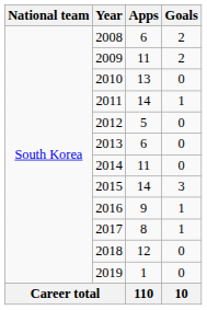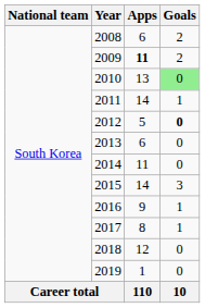 <table class="wikitable" style="text-align:center">
 <tr>
 <th>National team</th>
 <th>Year</th>
 <th>Apps</th>
 <th>Goals</th>
 </tr>
 <tr>
 <td rowspan="12"><a href='#'>South Korea</a></td>
 <td>2008</td>
 <td>6</td>
 <td>2</td>
 </tr>
 <tr>
 <td>2009</td>
-<td>11</td>
+<td><strong>11</strong></td>
 <td>2</td>
 </tr>
 <tr>
 <td>2010</td>
 <td>13</td>
-<td>0</td>
+<td style="background: lightgreen;">0</td>
 </tr>
 <tr>
 <td>2011</td>
 <td>14</td>
 <td>1</td>
 </tr>
 <tr>
 <td>2012</td>
 <td>5</td>
-<td>0</td>
+<td><strong>0</strong></td>
 </tr>
 <tr>
 <td>2013</td>
 <td>6</td>
 <td>0</td>
 </tr>
 <tr>
 <td>2014</td>
 <td>11</td>
 <td>0</td>
 </tr>
 <tr>
 <td>2015</td>
 <td>14</td>
 <td>3</td>
 </tr>
 <tr>
 <td>2016</td>
 <td>9</td>
 <td>1</td>
 </tr>
 <tr>
 <td>2017</td>
 <td>8</td>
 <td>1</td>
 </tr>
 <tr>
 <td>2018</td>
 <td>12</td>
 <td>0</td>
 </tr>
 <tr>
 <td>2019</td>
 <td>1</td>
 <td>0</td>
 </tr>
 <tr>
 <th colspan="2">Career total</th>
 <th>110</th>
 <th>10</th>
 </tr>
 </table>
